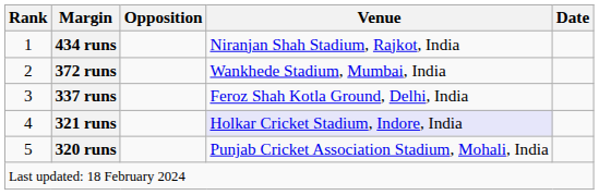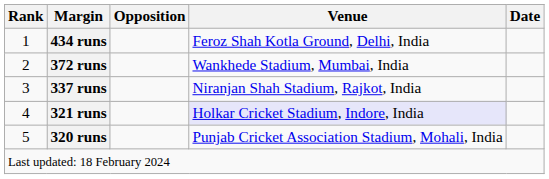 <table class="wikitable sortable">
 <tr>
 <th scope=col>Rank</th>
 <th scope=col>Margin</th>
 <th scope=col>Opposition</th>
 <th scope=col>Venue</th>
 <th scope=col>Date</th>
 </tr>
 <tr>
 <td align=center>1</td>
 <th scope=row style=text-align:center;>434 runs</th>
 <td></td>
-<td><a href='#'>Niranjan Shah Stadium</a>, <a href='#'>Rajkot</a>, India</td>
+<td><a href='#'>Feroz Shah Kotla Ground</a>, <a href='#'>Delhi</a>, India</td>
 <td></td>
 </tr>
 <tr>
 <td align=center>2</td>
 <th scope=row style=text-align:center;>372 runs</th>
 <td></td>
 <td><a href='#'>Wankhede Stadium</a>, <a href='#'>Mumbai</a>, India</td>
 <td></td>
 </tr>
 <tr>
 <td align=center>3</td>
 <th scope=row style=text-align:center;>337 runs</th>
 <td></td>
-<td><a href='#'>Feroz Shah Kotla Ground</a>, <a href='#'>Delhi</a>, India</td>
+<td><a href='#'>Niranjan Shah Stadium</a>, <a href='#'>Rajkot</a>, India</td>
 <td></td>
 </tr>
 <tr>
 <td align=center>4</td>
 <th scope=row style=text-align:center;>321 runs</th>
 <td></td>
 <td style="background: lavender;"><a href='#'>Holkar Cricket Stadium</a>, <a href='#'>Indore</a>, India</td>
 <td></td>
 </tr>
 <tr>
 <td align=center>5</td>
 <th scope=row style=text-align:center;>320 runs</th>
 <td></td>
 <td><a href='#'>Punjab Cricket Association Stadium</a>, <a href='#'>Mohali</a>, India</td>
 <td></td>
 </tr>
 <tr class=sortbottom>
 <td colspan=5><small>Last updated: 18 February 2024</small></td>
 </tr>
 </table>
